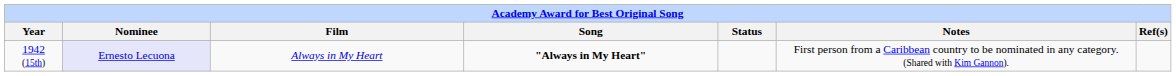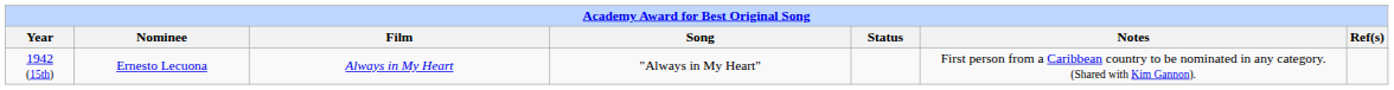 <table class="wikitable" style="text-align: center">
 <tr style="background:#bfd7ff;">
 <td colspan="7" style="text-align:center;"><strong><a href='#'>Academy Award for Best Original Song</a></strong></td>
 </tr>
 <tr style="background:#ebf5ff;">
 <th style="width:75px;">Year</th>
 <th style="width:200px;">Nominee</th>
 <th style="width:350px;">Film</th>
 <th style="width:350px;">Song</th>
 <th style="width:75px;">Status</th>
 <th style="width:500px;">Notes</th>
 <th width="3">Ref(s)</th>
 </tr>
 <tr>
 <td style="text-align: center"><a href='#'>1942</a><br><small>(<a href='#'>15th</a>)</small></td>
-<td style="background: lavender;"><a href='#'>Ernesto Lecuona</a></td>
+<td><a href='#'>Ernesto Lecuona</a></td>
 <td><em><a href='#'>Always in My Heart</a></em></td>
-<td><strong>"Always in My Heart"</strong></td>
+<td>"Always in My Heart"</td>
 <td></td>
 <td>First person from a <a href='#'>Caribbean</a> country to be nominated in any category.<br><small>(Shared with <a href='#'>Kim Gannon</a>).</small></td>
 <td></td>
 </tr>
 </table>
